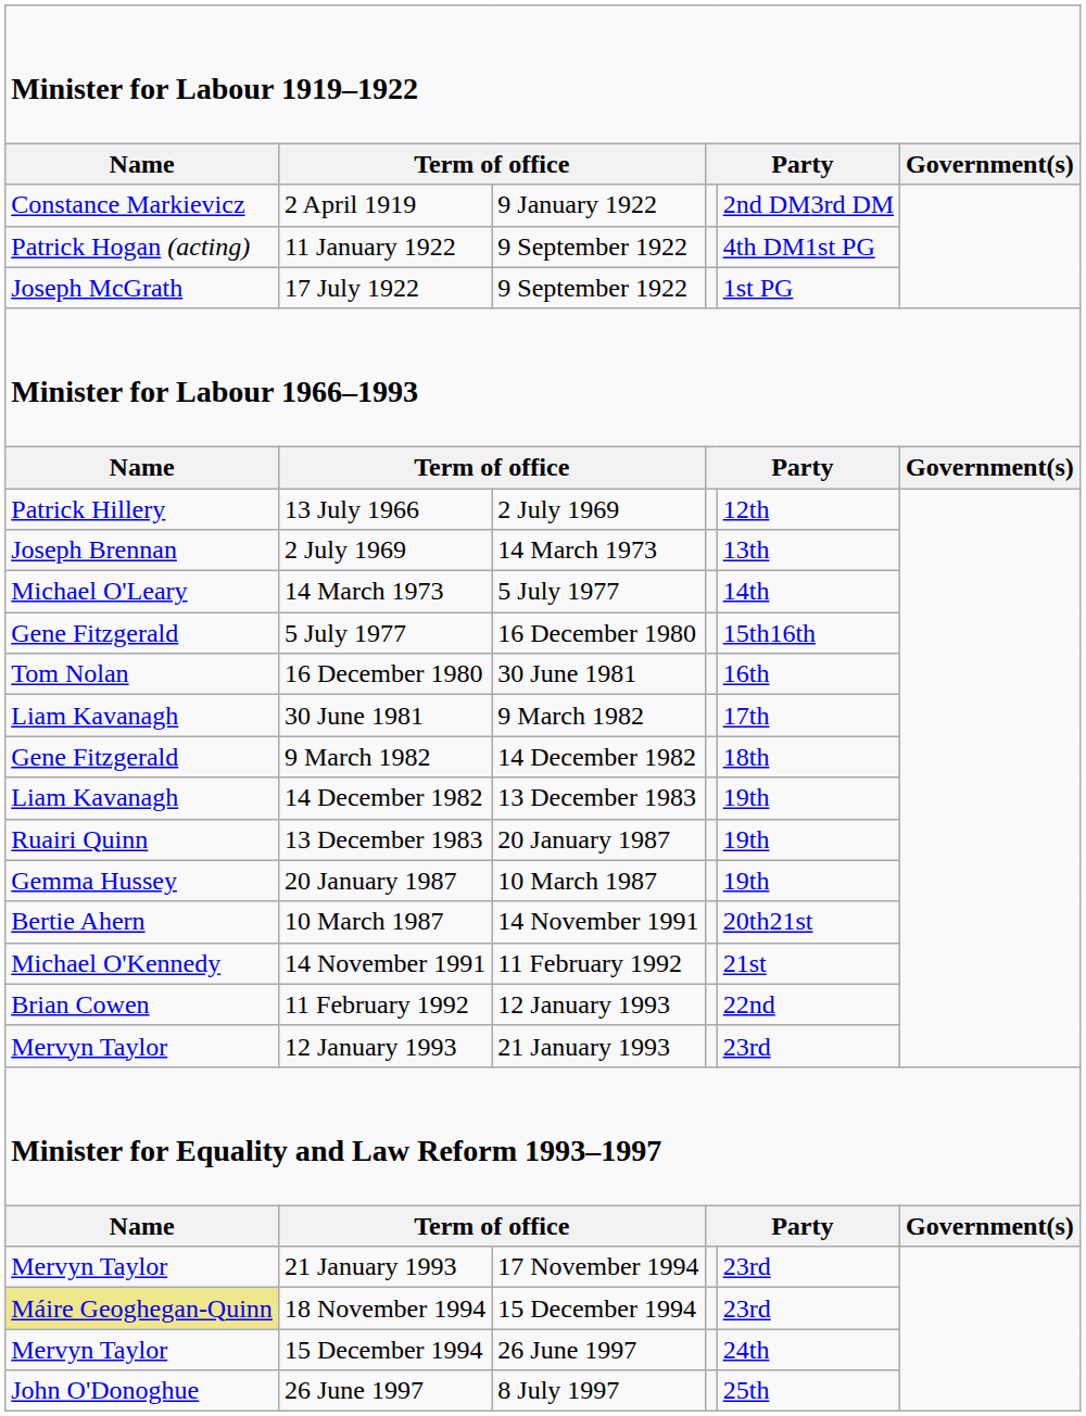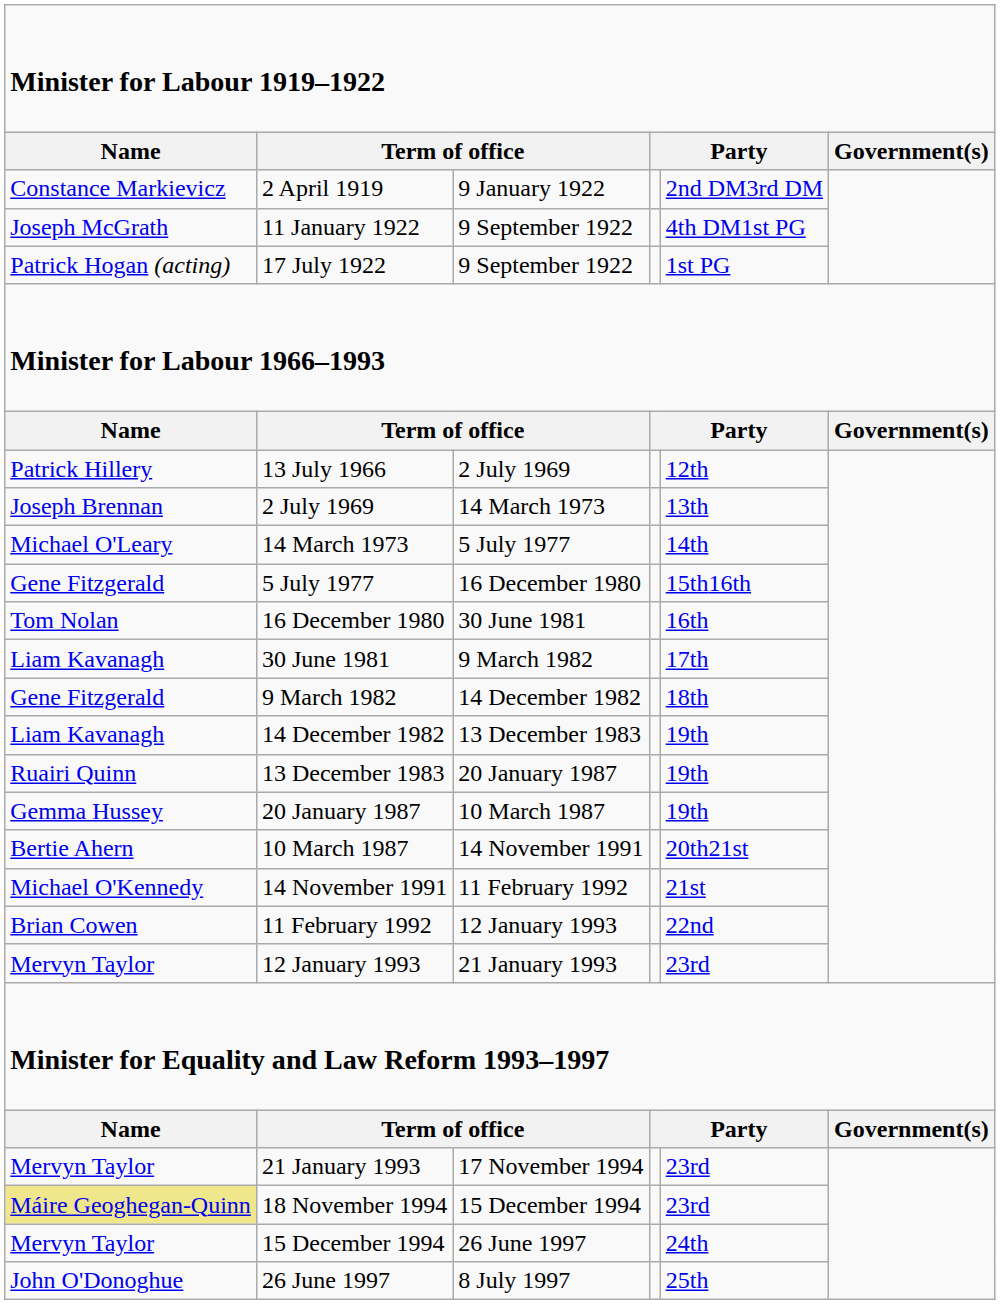 <table class="wikitable">
 <tr>
 <td colspan="7"><br><h3>Minister for Labour 1919–1922</h3></td>
 </tr>
 <tr>
 <th>Name</th>
 <th colspan="2">Term of office</th>
 <th colspan="2">Party</th>
 <th>Government(s)</th>
 </tr>
 <tr>
 <td><a href='#'>Constance Markievicz</a></td>
 <td>2 April 1919</td>
 <td>9 January 1922</td>
 <td></td>
 <td><a href='#'>2nd DM</a><a href='#'>3rd DM</a></td>
 </tr>
 <tr>
-<td><a href='#'>Patrick Hogan</a> <em>(acting)</em></td>
+<td><a href='#'>Joseph McGrath</a></td>
 <td>11 January 1922</td>
 <td>9 September 1922</td>
 <td></td>
 <td><a href='#'>4th DM</a><a href='#'>1st PG</a></td>
 </tr>
 <tr>
-<td><a href='#'>Joseph McGrath</a></td>
+<td><a href='#'>Patrick Hogan</a> <em>(acting)</em></td>
 <td>17 July 1922</td>
 <td>9 September 1922</td>
 <td></td>
 <td><a href='#'>1st PG</a></td>
 </tr>
 <tr>
 <td colspan="7"><br><h3>Minister for Labour 1966–1993</h3></td>
 </tr>
 <tr>
 <th>Name</th>
 <th colspan="2">Term of office</th>
 <th colspan="2">Party</th>
 <th>Government(s)</th>
 </tr>
 <tr>
 <td><a href='#'>Patrick Hillery</a></td>
 <td>13 July 1966</td>
 <td>2 July 1969</td>
 <td></td>
 <td><a href='#'>12th</a></td>
 </tr>
 <tr>
 <td><a href='#'>Joseph Brennan</a></td>
 <td>2 July 1969</td>
 <td>14 March 1973</td>
 <td></td>
 <td><a href='#'>13th</a></td>
 </tr>
 <tr>
 <td><a href='#'>Michael O'Leary</a></td>
 <td>14 March 1973</td>
 <td>5 July 1977</td>
 <td></td>
 <td><a href='#'>14th</a></td>
 </tr>
 <tr>
 <td><a href='#'>Gene Fitzgerald</a></td>
 <td>5 July 1977</td>
 <td>16 December 1980</td>
 <td></td>
 <td><a href='#'>15th</a><a href='#'>16th</a></td>
 </tr>
 <tr>
 <td><a href='#'>Tom Nolan</a></td>
 <td>16 December 1980</td>
 <td>30 June 1981</td>
 <td></td>
 <td><a href='#'>16th</a></td>
 </tr>
 <tr>
 <td><a href='#'>Liam Kavanagh</a></td>
 <td>30 June 1981</td>
 <td>9 March 1982</td>
 <td></td>
 <td><a href='#'>17th</a></td>
 </tr>
 <tr>
 <td><a href='#'>Gene Fitzgerald</a></td>
 <td>9 March 1982</td>
 <td>14 December 1982</td>
 <td></td>
 <td><a href='#'>18th</a></td>
 </tr>
 <tr>
 <td><a href='#'>Liam Kavanagh</a></td>
 <td>14 December 1982</td>
 <td>13 December 1983</td>
 <td></td>
 <td><a href='#'>19th</a></td>
 </tr>
 <tr>
 <td><a href='#'>Ruairi Quinn</a></td>
 <td>13 December 1983</td>
 <td>20 January 1987</td>
 <td></td>
 <td><a href='#'>19th</a></td>
 </tr>
 <tr>
 <td><a href='#'>Gemma Hussey</a></td>
 <td>20 January 1987</td>
 <td>10 March 1987</td>
 <td></td>
 <td><a href='#'>19th</a></td>
 </tr>
 <tr>
 <td><a href='#'>Bertie Ahern</a></td>
 <td>10 March 1987</td>
 <td>14 November 1991</td>
 <td></td>
 <td><a href='#'>20th</a><a href='#'>21st</a></td>
 </tr>
 <tr>
 <td><a href='#'>Michael O'Kennedy</a></td>
 <td>14 November 1991</td>
 <td>11 February 1992</td>
 <td></td>
 <td><a href='#'>21st</a></td>
 </tr>
 <tr>
 <td><a href='#'>Brian Cowen</a></td>
 <td>11 February 1992</td>
 <td>12 January 1993</td>
 <td></td>
 <td><a href='#'>22nd</a></td>
 </tr>
 <tr>
 <td><a href='#'>Mervyn Taylor</a></td>
 <td>12 January 1993</td>
 <td>21 January 1993</td>
 <td></td>
 <td><a href='#'>23rd</a></td>
 </tr>
 <tr>
 <td colspan="7"><br><h3>Minister for Equality and Law Reform 1993–1997</h3></td>
 </tr>
 <tr>
 <th>Name</th>
 <th colspan="2">Term of office</th>
 <th colspan="2">Party</th>
 <th>Government(s)</th>
 </tr>
 <tr>
 <td><a href='#'>Mervyn Taylor</a></td>
 <td>21 January 1993</td>
 <td>17 November 1994</td>
 <td></td>
 <td><a href='#'>23rd</a></td>
 </tr>
 <tr>
 <td style="background: khaki;"><a href='#'>Máire Geoghegan-Quinn</a></td>
 <td>18 November 1994</td>
 <td>15 December 1994</td>
 <td></td>
 <td><a href='#'>23rd</a></td>
 </tr>
 <tr>
 <td><a href='#'>Mervyn Taylor</a></td>
 <td>15 December 1994</td>
 <td>26 June 1997</td>
 <td></td>
 <td><a href='#'>24th</a></td>
 </tr>
 <tr>
 <td><a href='#'>John O'Donoghue</a></td>
 <td>26 June 1997</td>
 <td>8 July 1997</td>
 <td></td>
 <td><a href='#'>25th</a></td>
 </tr>
 </table>
